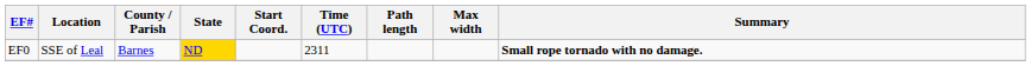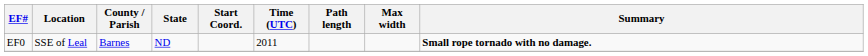 <table class="wikitable sortable" style="width:100%;">
 <tr>
 <th scope="col" width="3%" align="center"><a href='#'>EF#</a></th>
 <th scope="col" width="7%" align="center" class="unsortable">Location</th>
 <th scope="col" width="6%" align="center" class="unsortable">County / Parish</th>
 <th scope="col" width="5%" align="center">State</th>
 <th scope="col" width="6%" align="center">Start Coord.</th>
 <th scope="col" width="6%" align="center">Time (<a href='#'>UTC</a>)</th>
 <th scope="col" width="6%" align="center">Path length</th>
 <th scope="col" width="6%" align="center">Max width</th>
 <th scope="col" width="48%" class="unsortable" align="center">Summary</th>
 </tr>
 <tr>
 <td>EF0</td>
 <td>SSE of <a href='#'>Leal</a></td>
 <td><a href='#'>Barnes</a></td>
-<td style="background: gold;"><a href='#'>ND</a></td>
+<td><a href='#'>ND</a></td>
 <td></td>
-<td>2311</td>
+<td>2011</td>
 <td></td>
 <td></td>
 <td><strong>Small rope tornado with no damage.</strong></td>
 </tr>
 <tr>
 </tr>
 </table>
